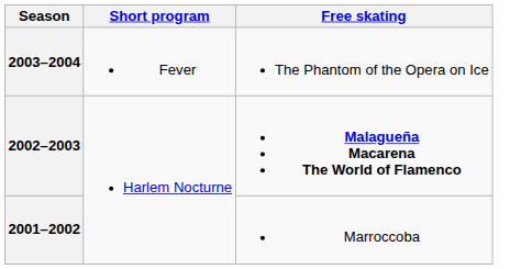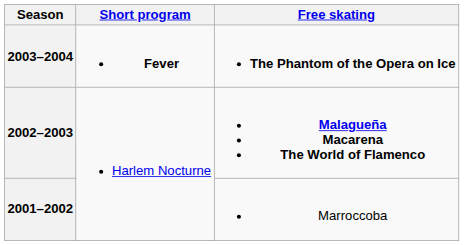 <table class=wikitable style=text-align:center>
 <tr>
 <th>Season</th>
 <th><a href='#'>Short program</a></th>
 <th><a href='#'>Free skating</a></th>
 </tr>
 <tr>
 <th>2003–2004 <br> </th>
-<td><br><ul><li>Fever <br></li></ul></td>
-<td><br><ul><li>The Phantom of the Opera on Ice <br></li></ul></td>
+<td><strong><br><ul><li>Fever <br></li></ul></strong></td>
+<td><strong><br><ul><li>The Phantom of the Opera on Ice <br></li></ul></strong></td>
 </tr>
 <tr>
 <th>2002–2003 <br> </th>
 <td rowspan=2><br><ul><li><a href='#'>Harlem Nocturne</a> <br></li></ul></td>
 <td><strong><br><ul><li><a href='#'>Malagueña</a> <br></li><li>Macarena <br></li><li>The World of Flamenco <br></li></ul></strong></td>
 </tr>
 <tr>
 <th>2001–2002 <br> </th>
 <td><br><ul><li>Marroccoba <br></li></ul></td>
 </tr>
 </table>
